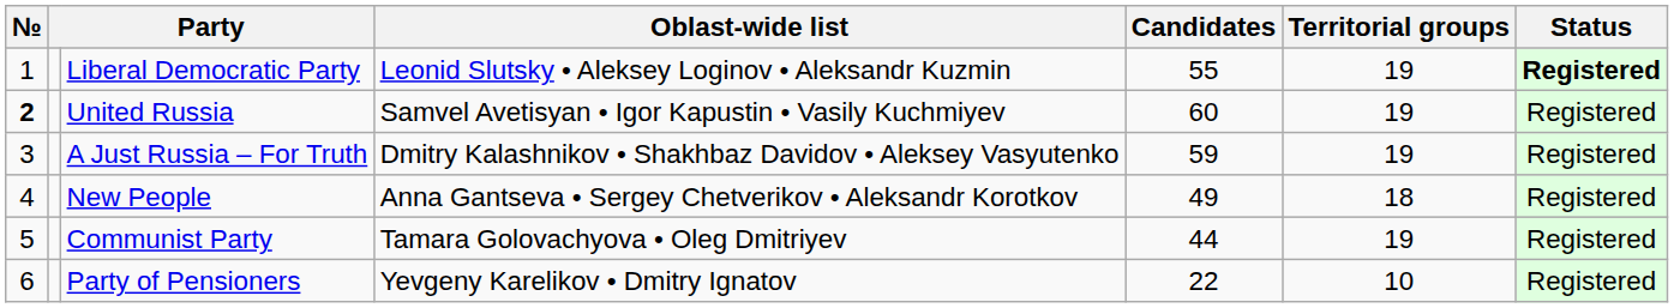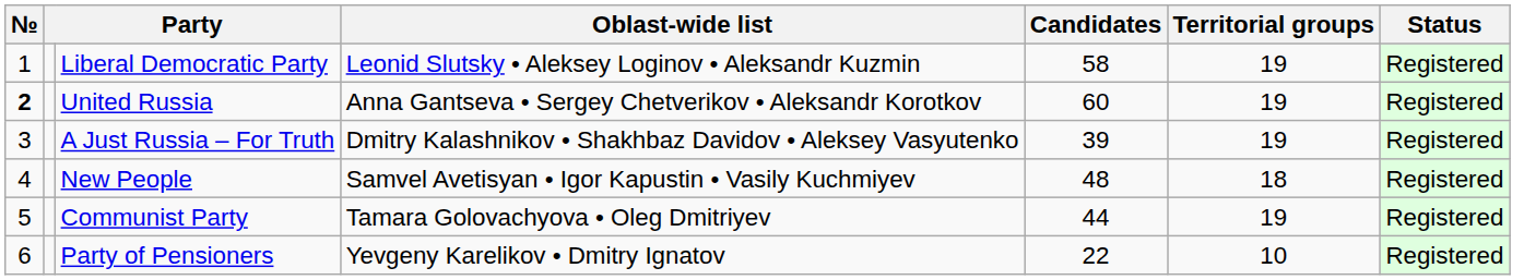 <table class="wikitable sortable" style="background: #f9f9f9; text-align:right; font-size: 95%">
 <tr>
 <th align=center>№</th>
 <th colspan="2">Party</th>
 <th align=center>Oblast-wide list</th>
 <th align=center>Candidates</th>
 <th align=center>Territorial groups</th>
 <th align=center>Status</th>
 </tr>
 <tr>
 <td align=center>1</td>
 <td style="background-color:"></td>
 <td align=left><a href='#'>Liberal Democratic Party</a></td>
 <td align=left><a href='#'>Leonid Slutsky</a> • Aleksey Loginov • Aleksandr Kuzmin</td>
-<td align=center>55</td>
+<td align=center>58</td>
 <td align=center>19</td>
-<td align=center bgcolor="#DFFFDF"><strong>Registered</strong></td>
+<td align=center bgcolor="#DFFFDF">Registered</td>
 </tr>
 <tr>
 <td align=center><strong>2</strong></td>
 <td style="background-color:"></td>
 <td align=left><a href='#'>United Russia</a></td>
-<td align=left>Samvel Avetisyan • Igor Kapustin • Vasily Kuchmiyev</td>
+<td align=left>Anna Gantseva • Sergey Chetverikov • Aleksandr Korotkov</td>
 <td align=center>60</td>
 <td align=center>19</td>
 <td align=center bgcolor="#DFFFDF">Registered</td>
 </tr>
 <tr>
 <td align=center>3</td>
 <td style="background-color:"></td>
 <td align=left><a href='#'>A Just Russia – For Truth</a></td>
 <td align=left>Dmitry Kalashnikov • Shakhbaz Davidov • Aleksey Vasyutenko</td>
-<td align=center>59</td>
+<td align=center>39</td>
 <td align=center>19</td>
 <td align=center bgcolor="#DFFFDF">Registered</td>
 </tr>
 <tr>
 <td align=center>4</td>
 <td style="background-color:"></td>
 <td align=left><a href='#'>New People</a></td>
-<td align=left>Anna Gantseva • Sergey Chetverikov • Aleksandr Korotkov</td>
-<td align=center>49</td>
+<td align=left>Samvel Avetisyan • Igor Kapustin • Vasily Kuchmiyev</td>
+<td align=center>48</td>
 <td align=center>18</td>
 <td align=center bgcolor="#DFFFDF">Registered</td>
 </tr>
 <tr>
 <td align=center>5</td>
 <td style="background-color:"></td>
 <td align=left><a href='#'>Communist Party</a></td>
 <td align=left>Tamara Golovachyova • Oleg Dmitriyev</td>
 <td align=center>44</td>
 <td align=center>19</td>
 <td align=center bgcolor="#DFFFDF">Registered</td>
 </tr>
 <tr>
 <td align=center>6</td>
 <td style="background-color:"></td>
 <td align=left><a href='#'>Party of Pensioners</a></td>
 <td align=left>Yevgeny Karelikov • Dmitry Ignatov</td>
 <td align=center>22</td>
 <td align=center>10</td>
 <td align=center bgcolor="#DFFFDF">Registered</td>
 </tr>
 </table>
